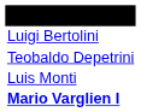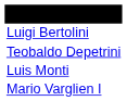 <table class="toccolours" border="0" cellpadding="2" cellspacing="0" align="left" style="margin:0.5em;">
 <tr>
 <th colspan="2" align=center bgcolor="#000000"><span>Midfielders</span></th>
 </tr>
 <tr>
 <td><a href='#'>Luigi Bertolini</a></td>
 </tr>
 <tr>
 <td> <a href='#'>Teobaldo Depetrini</a></td>
 </tr>
 <tr>
 <td> <a href='#'>Luis Monti</a></td>
 </tr>
 <tr>
-<td><strong> <a href='#'>Mario Varglien I</a></strong></td>
+<td> <a href='#'>Mario Varglien I</a></td>
 </tr>
 </table>
